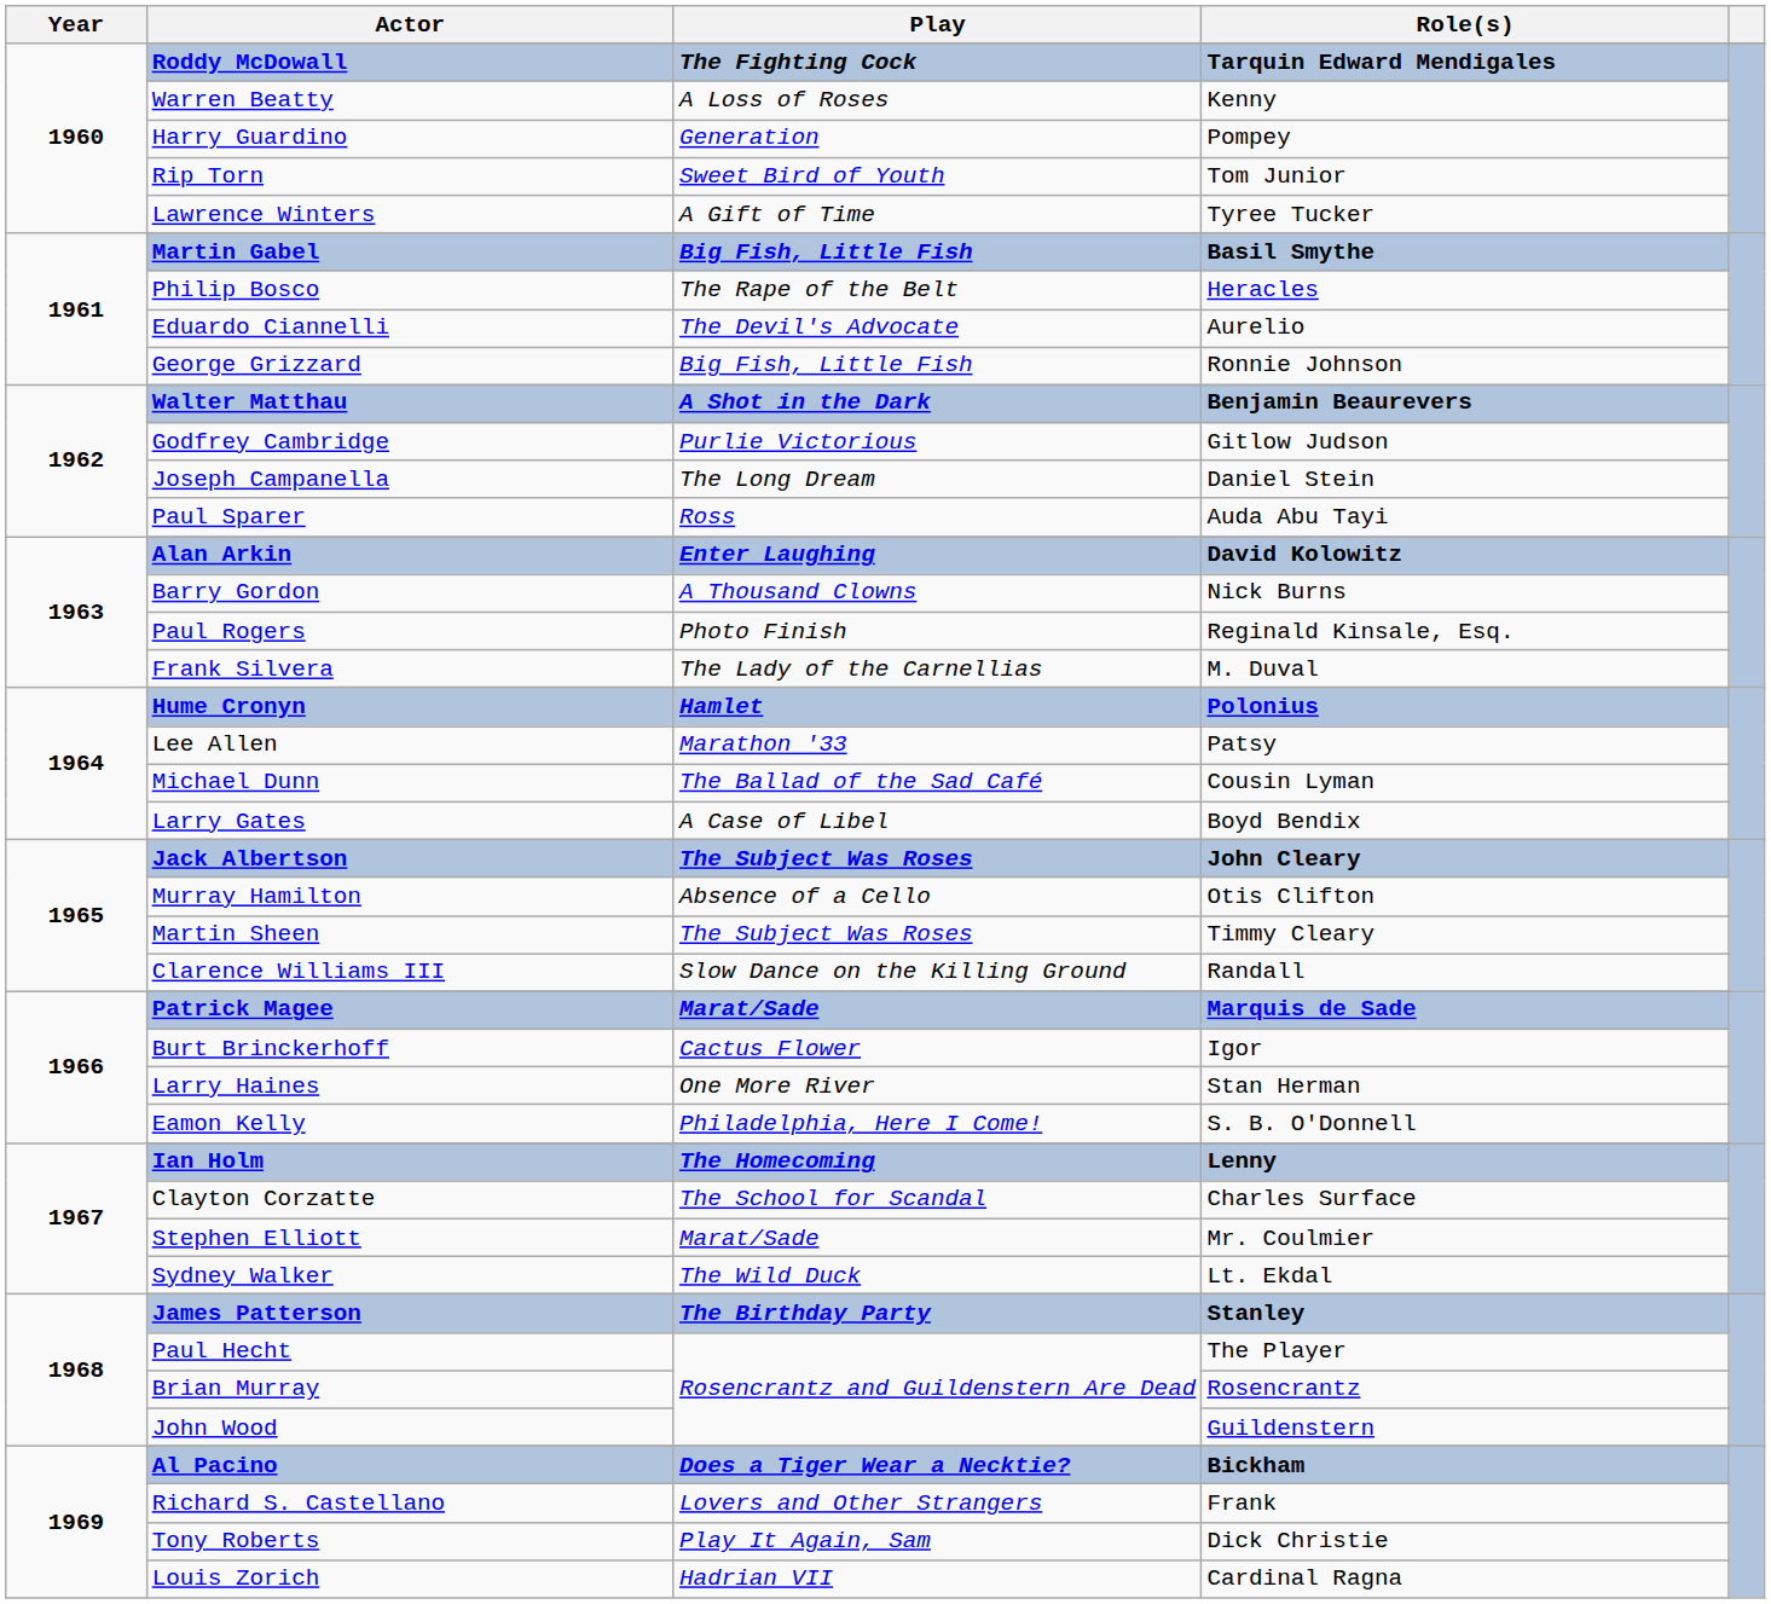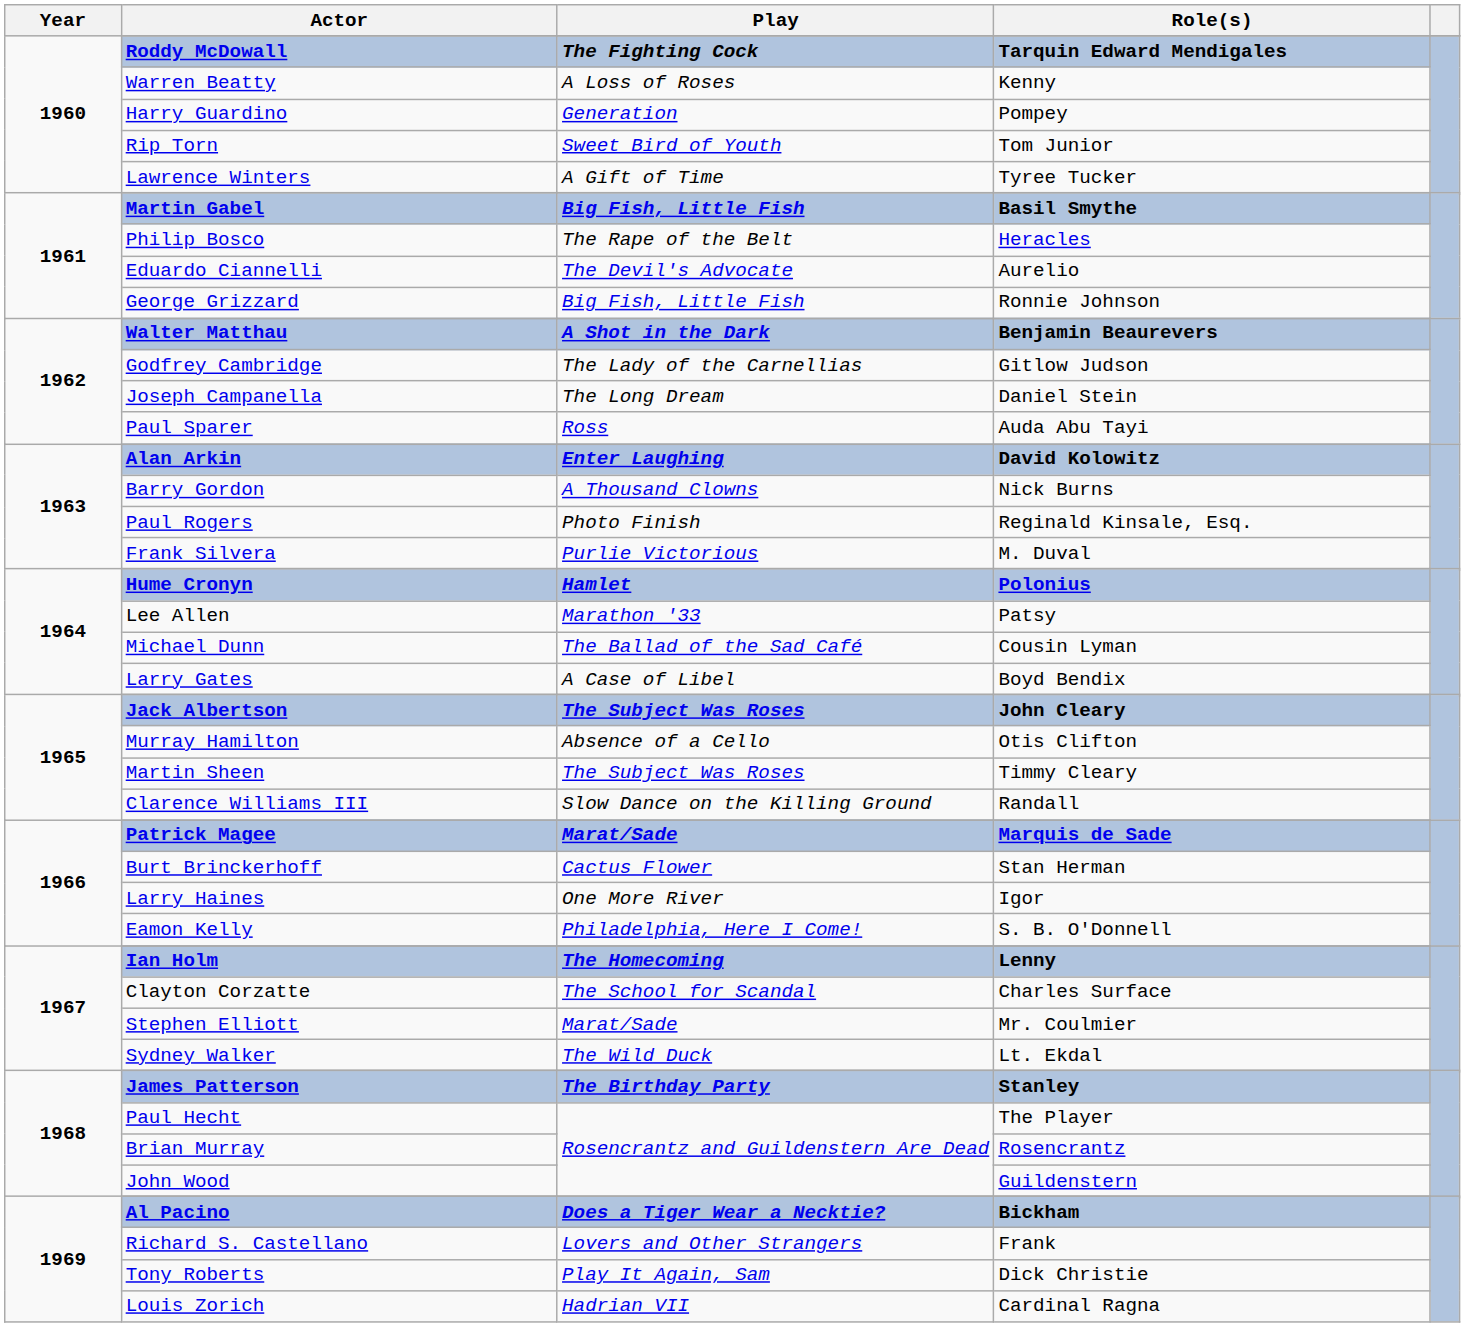 <table class="wikitable sortable">
 <tr>
 <th scope="col" style="width:8%;">Year</th>
 <th scope="col" style="width:30%;">Actor</th>
 <th scope="col" style="width:30%;">Play</th>
 <th scope="col" style="width:30%;">Role(s)</th>
 <th scope="col" style="width:2%;" class="unsortable"></th>
 </tr>
 <tr>
 <td rowspan="6" align="center"><strong>1960</strong> <br> </td>
 </tr>
 <tr style="background:#B0C4DE">
 <td><strong><a href='#'>Roddy McDowall</a></strong></td>
 <td><strong><em>The Fighting Cock</em></strong></td>
 <td><strong>Tarquin Edward Mendigales</strong></td>
 <td rowspan="6" align="center"></td>
 </tr>
 <tr>
 <td><a href='#'>Warren Beatty</a></td>
 <td><em>A Loss of Roses</em></td>
 <td>Kenny</td>
 </tr>
 <tr>
 <td><a href='#'>Harry Guardino</a></td>
 <td><em><a href='#'>Generation</a></em></td>
 <td>Pompey</td>
 </tr>
 <tr>
 <td><a href='#'>Rip Torn</a></td>
 <td><em><a href='#'>Sweet Bird of Youth</a></em></td>
 <td>Tom Junior</td>
 </tr>
 <tr>
 <td><a href='#'>Lawrence Winters</a></td>
 <td><em>A Gift of Time</em></td>
 <td>Tyree Tucker</td>
 </tr>
 <tr>
 <td rowspan="5" align="center"><strong>1961</strong> <br> </td>
 </tr>
 <tr style="background:#B0C4DE">
 <td><strong><a href='#'>Martin Gabel</a></strong></td>
 <td><strong><em><a href='#'>Big Fish, Little Fish</a></em></strong></td>
 <td><strong>Basil Smythe</strong></td>
 <td rowspan="5" align="center"></td>
 </tr>
 <tr>
 <td><a href='#'>Philip Bosco</a></td>
 <td><em>The Rape of the Belt</em></td>
 <td><a href='#'>Heracles</a></td>
 </tr>
 <tr>
 <td><a href='#'>Eduardo Ciannelli</a></td>
 <td><em><a href='#'>The Devil's Advocate</a></em></td>
 <td>Aurelio</td>
 </tr>
 <tr>
 <td><a href='#'>George Grizzard</a></td>
 <td><em><a href='#'>Big Fish, Little Fish</a></em></td>
 <td>Ronnie Johnson</td>
 </tr>
 <tr>
 <td rowspan="5" align="center"><strong>1962</strong> <br> </td>
 </tr>
 <tr style="background:#B0C4DE">
 <td><strong><a href='#'>Walter Matthau</a></strong></td>
 <td><strong><em><a href='#'>A Shot in the Dark</a></em></strong></td>
 <td><strong>Benjamin Beaurevers</strong></td>
 <td rowspan="5" align="center"></td>
 </tr>
 <tr>
 <td><a href='#'>Godfrey Cambridge</a></td>
-<td><em><a href='#'>Purlie Victorious</a></em></td>
+<td><em>The Lady of the Carnellias</em></td>
 <td>Gitlow Judson</td>
 </tr>
 <tr>
 <td><a href='#'>Joseph Campanella</a></td>
 <td><em>The Long Dream</em></td>
 <td>Daniel Stein</td>
 </tr>
 <tr>
 <td><a href='#'>Paul Sparer</a></td>
 <td><em><a href='#'>Ross</a></em></td>
 <td>Auda Abu Tayi</td>
 </tr>
 <tr>
 <td rowspan="5" align="center"><strong>1963</strong> <br> </td>
 </tr>
 <tr style="background:#B0C4DE">
 <td><strong><a href='#'>Alan Arkin</a></strong></td>
 <td><strong><em><a href='#'>Enter Laughing</a></em></strong></td>
 <td><strong>David Kolowitz</strong></td>
 <td rowspan="5" align="center"></td>
 </tr>
 <tr>
 <td><a href='#'>Barry Gordon</a></td>
 <td><em><a href='#'>A Thousand Clowns</a></em></td>
 <td>Nick Burns</td>
 </tr>
 <tr>
 <td><a href='#'>Paul Rogers</a></td>
 <td><em>Photo Finish</em></td>
 <td>Reginald Kinsale, Esq.</td>
 </tr>
 <tr>
 <td><a href='#'>Frank Silvera</a></td>
-<td><em>The Lady of the Carnellias</em></td>
+<td><em><a href='#'>Purlie Victorious</a></em></td>
 <td>M. Duval</td>
 </tr>
 <tr>
 <td rowspan="5" align="center"><strong>1964</strong> <br> </td>
 </tr>
 <tr style="background:#B0C4DE">
 <td><strong><a href='#'>Hume Cronyn</a></strong></td>
 <td><strong><em><a href='#'>Hamlet</a></em></strong></td>
 <td><strong><a href='#'>Polonius</a></strong></td>
 <td rowspan="5" align="center"></td>
 </tr>
 <tr>
 <td>Lee Allen</td>
 <td><em><a href='#'>Marathon '33</a></em></td>
 <td>Patsy</td>
 </tr>
 <tr>
 <td><a href='#'>Michael Dunn</a></td>
 <td><em><a href='#'>The Ballad of the Sad Café</a></em></td>
 <td>Cousin Lyman</td>
 </tr>
 <tr>
 <td><a href='#'>Larry Gates</a></td>
 <td><em>A Case of Libel</em></td>
 <td>Boyd Bendix</td>
 </tr>
 <tr>
 <td rowspan="5" align="center"><strong>1965</strong> <br> </td>
 </tr>
 <tr style="background:#B0C4DE">
 <td><strong><a href='#'>Jack Albertson</a></strong></td>
 <td><strong><em><a href='#'>The Subject Was Roses</a></em></strong></td>
 <td><strong>John Cleary</strong></td>
 <td rowspan="5" align="center"></td>
 </tr>
 <tr>
 <td><a href='#'>Murray Hamilton</a></td>
 <td><em>Absence of a Cello</em></td>
 <td>Otis Clifton</td>
 </tr>
 <tr>
 <td><a href='#'>Martin Sheen</a></td>
 <td><em><a href='#'>The Subject Was Roses</a></em></td>
 <td>Timmy Cleary</td>
 </tr>
 <tr>
 <td><a href='#'>Clarence Williams III</a></td>
 <td><em>Slow Dance on the Killing Ground</em></td>
 <td>Randall</td>
 </tr>
 <tr>
 <td rowspan="5" align="center"><strong>1966</strong> <br> </td>
 </tr>
 <tr style="background:#B0C4DE">
 <td><strong><a href='#'>Patrick Magee</a></strong></td>
 <td><strong><em><a href='#'>Marat/Sade</a></em></strong></td>
 <td><strong><a href='#'>Marquis de Sade</a></strong></td>
 <td rowspan="5" align="center"></td>
 </tr>
 <tr>
 <td><a href='#'>Burt Brinckerhoff</a></td>
 <td><em><a href='#'>Cactus Flower</a></em></td>
-<td>Igor</td>
+<td>Stan Herman</td>
 </tr>
 <tr>
 <td><a href='#'>Larry Haines</a></td>
 <td><em>One More River</em></td>
-<td>Stan Herman</td>
+<td>Igor</td>
 </tr>
 <tr>
 <td><a href='#'>Eamon Kelly</a></td>
 <td><em><a href='#'>Philadelphia, Here I Come!</a></em></td>
 <td>S. B. O'Donnell</td>
 </tr>
 <tr>
 <td rowspan="5" align="center"><strong>1967</strong> <br> </td>
 </tr>
 <tr style="background:#B0C4DE">
 <td><strong><a href='#'>Ian Holm</a></strong></td>
 <td><strong><em><a href='#'>The Homecoming</a></em></strong></td>
 <td><strong>Lenny</strong></td>
 <td rowspan="5" align="center"></td>
 </tr>
 <tr>
 <td>Clayton Corzatte</td>
 <td><em><a href='#'>The School for Scandal</a></em></td>
 <td>Charles Surface</td>
 </tr>
 <tr>
 <td><a href='#'>Stephen Elliott</a></td>
 <td><em><a href='#'>Marat/Sade</a></em></td>
 <td>Mr. Coulmier</td>
 </tr>
 <tr>
 <td><a href='#'>Sydney Walker</a></td>
 <td><em><a href='#'>The Wild Duck</a></em></td>
 <td>Lt. Ekdal</td>
 </tr>
 <tr>
 <td rowspan="5" align="center"><strong>1968</strong> <br> </td>
 </tr>
 <tr style="background:#B0C4DE">
 <td><strong><a href='#'>James Patterson</a></strong></td>
 <td><strong><em><a href='#'>The Birthday Party</a></em></strong></td>
 <td><strong>Stanley</strong></td>
 <td rowspan="5" align="center"></td>
 </tr>
 <tr>
 <td><a href='#'>Paul Hecht</a></td>
 <td rowspan="3"><em><a href='#'>Rosencrantz and Guildenstern Are Dead</a></em></td>
 <td>The Player</td>
 </tr>
 <tr>
 <td><a href='#'>Brian Murray</a></td>
 <td><a href='#'>Rosencrantz</a></td>
 </tr>
 <tr>
 <td><a href='#'>John Wood</a></td>
 <td><a href='#'>Guildenstern</a></td>
 </tr>
 <tr>
 <td rowspan="5" align="center"><strong>1969</strong> <br> </td>
 </tr>
 <tr style="background:#B0C4DE">
 <td><strong><a href='#'>Al Pacino</a></strong></td>
 <td><strong><em><a href='#'>Does a Tiger Wear a Necktie?</a></em></strong></td>
 <td><strong>Bickham</strong></td>
 <td rowspan="5" align="center"></td>
 </tr>
 <tr>
 <td><a href='#'>Richard S. Castellano</a></td>
 <td><em><a href='#'>Lovers and Other Strangers</a></em></td>
 <td>Frank</td>
 </tr>
 <tr>
 <td><a href='#'>Tony Roberts</a></td>
 <td><em><a href='#'>Play It Again, Sam</a></em></td>
 <td>Dick Christie</td>
 </tr>
 <tr>
 <td><a href='#'>Louis Zorich</a></td>
 <td><em><a href='#'>Hadrian VII</a></em></td>
 <td>Cardinal Ragna</td>
 </tr>
 </table>
